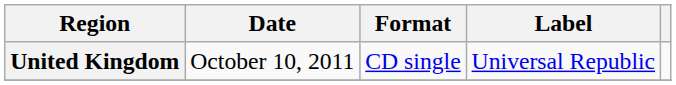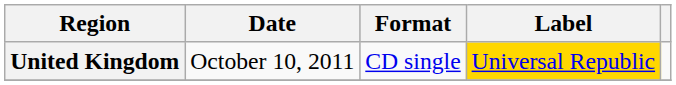 <table class="wikitable plainrowheaders">
 <tr>
 <th scope="col">Region</th>
 <th scope="col">Date</th>
 <th scope="col">Format</th>
 <th scope="col">Label</th>
 <th scope="col"></th>
 </tr>
 <tr>
 <th scope="row">United Kingdom</th>
 <td>October 10, 2011</td>
 <td><a href='#'>CD single</a></td>
-<td><a href='#'>Universal Republic</a></td>
+<td style="background: gold;"><a href='#'>Universal Republic</a></td>
 <td align="center"></td>
 </tr>
 <tr>
 </tr>
 </table>
